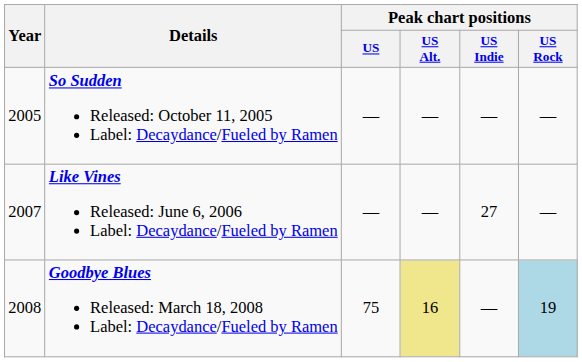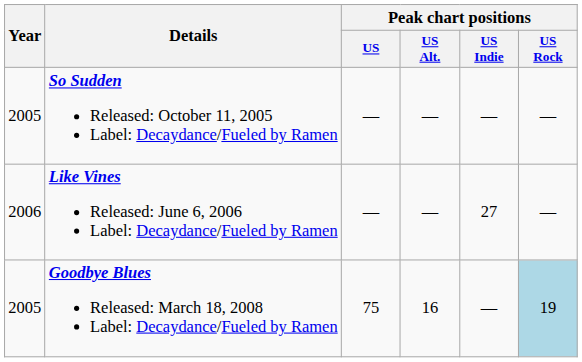 <table class="wikitable">
 <tr>
 <th rowspan="2">Year</th>
 <th rowspan="2">Details</th>
 <th colspan="4">Peak chart positions</th>
 </tr>
 <tr>
 <th style="width:4em;font-size:80%;"><a href='#'>US</a><br></th>
 <th style="width:4em;font-size:80%;"><a href='#'>US<br>Alt.</a><br></th>
 <th style="width:4em;font-size:80%;"><a href='#'>US<br>Indie</a><br></th>
 <th style="width:4em;font-size:80%;"><a href='#'>US<br>Rock</a><br></th>
 </tr>
 <tr>
 <td style="text-align:center;">2005</td>
 <td><strong><em><a href='#'>So Sudden</a></em></strong><br><ul><li>Released: October 11, 2005</li><li>Label: <a href='#'>Decaydance</a>/<a href='#'>Fueled by Ramen</a></li></ul></td>
 <td style="text-align:center;">—</td>
 <td style="text-align:center;">—</td>
 <td style="text-align:center;">—</td>
 <td style="text-align:center;">—</td>
 </tr>
 <tr>
-<td style="text-align:center;">2007</td>
+<td style="text-align:center;">2006</td>
 <td><strong><em><a href='#'>Like Vines</a></em></strong><br><ul><li>Released: June 6, 2006</li><li>Label: <a href='#'>Decaydance</a>/<a href='#'>Fueled by Ramen</a></li></ul></td>
 <td style="text-align:center;">—</td>
 <td style="text-align:center;">—</td>
 <td style="text-align:center;">27</td>
 <td style="text-align:center;">—</td>
 </tr>
 <tr>
-<td style="text-align:center;">2008</td>
+<td style="text-align:center;">2005</td>
 <td><strong><em><a href='#'>Goodbye Blues</a></em></strong><br><ul><li>Released: March 18, 2008</li><li>Label: <a href='#'>Decaydance</a>/<a href='#'>Fueled by Ramen</a></li></ul></td>
 <td style="text-align:center;">75</td>
-<td style="background: khaki; text-align:center;">16</td>
+<td style="text-align:center;">16</td>
 <td style="text-align:center;">—</td>
 <td style="background: lightblue; text-align:center;">19</td>
 </tr>
 </table>
